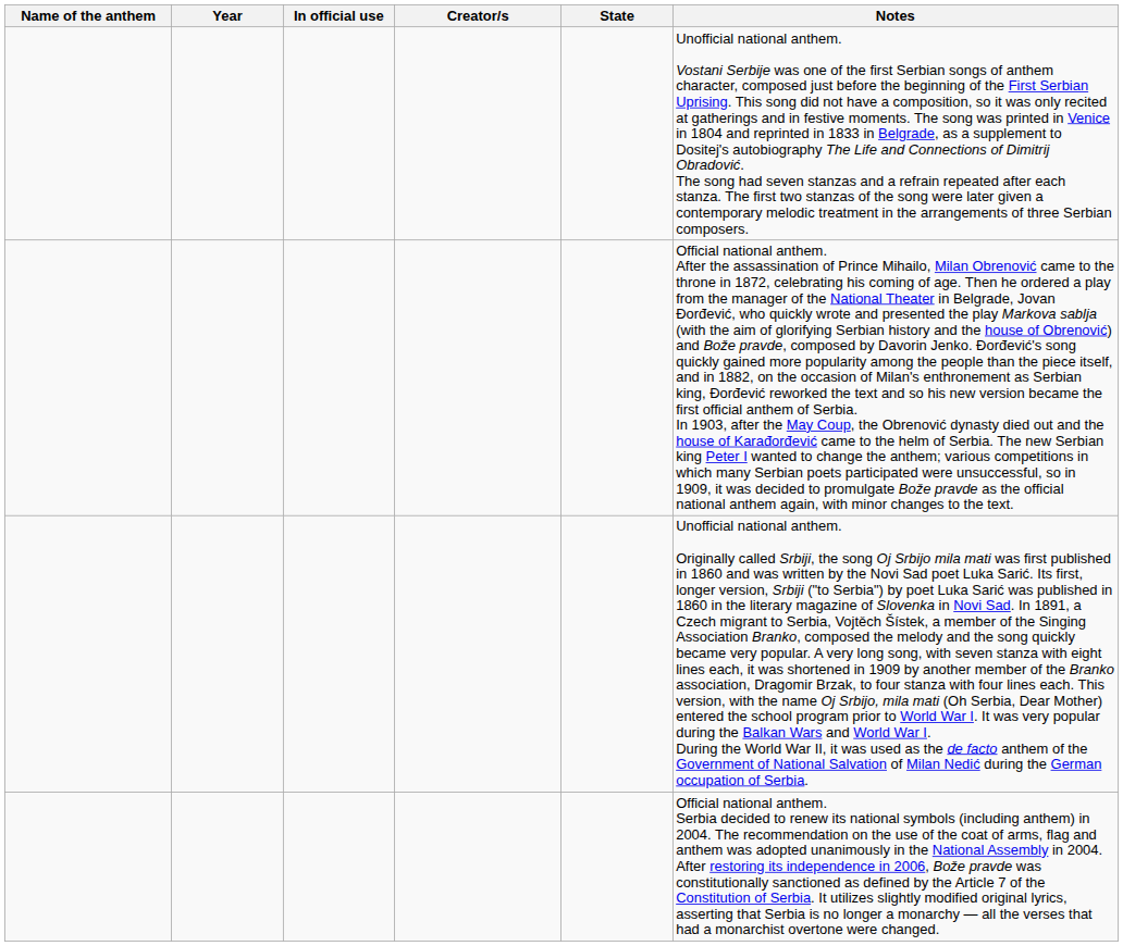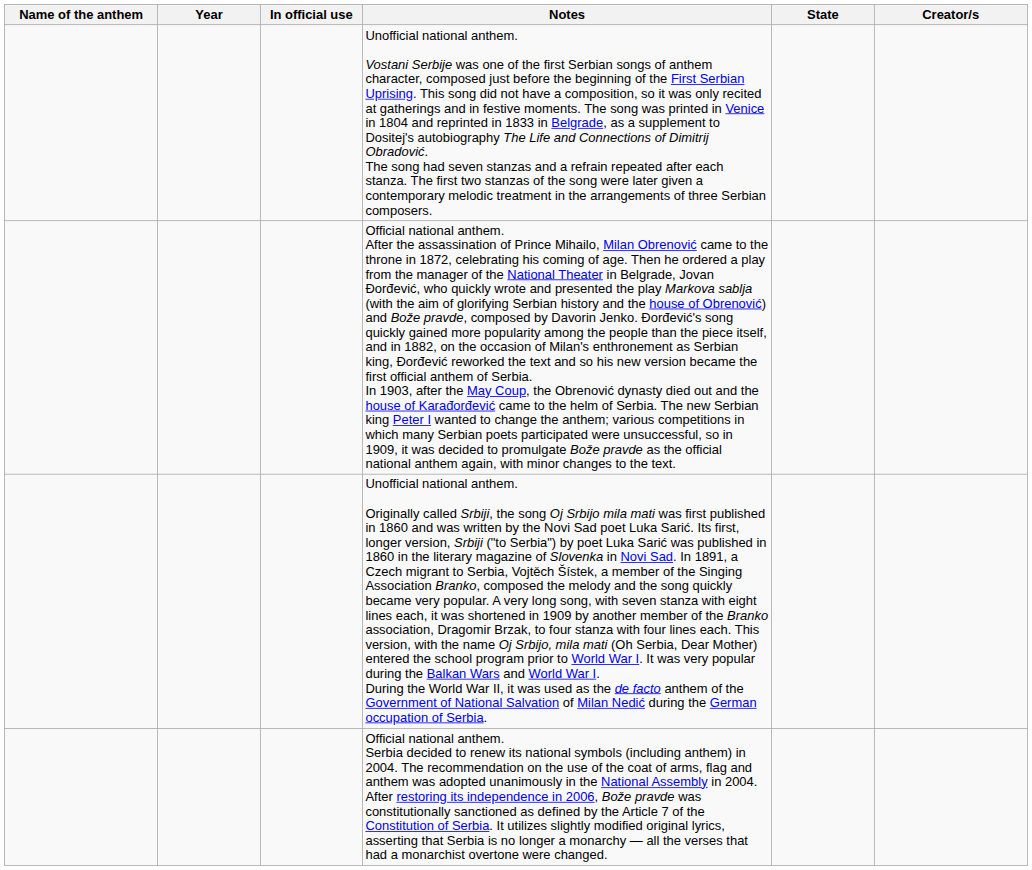 <table class="wikitable" style="margin:1em auto;">
 <tr>
 <th width="15%">Name of the anthem</th>
 <th width="10%">Year</th>
 <th width="10%">In official use</th>
+<th>Notes</th>
+<th width="10%">State</th>
 <th width="15%">Creator/s</th>
-<th width="10%">State</th>
-<th>Notes</th>
 </tr>
 <tr>
 <td></td>
 <td></td>
 <td></td>
+<td>Unofficial national anthem.<br><br><em>Vostani Serbije</em> was one of the first Serbian songs of anthem character, composed just before the beginning of the <a href='#'>First Serbian Uprising</a>. This song did not have a composition, so it was only recited at gatherings and in festive moments. The song was printed in <a href='#'>Venice</a> in 1804 and reprinted in 1833 in <a href='#'>Belgrade</a>, as a supplement to Dositej's autobiography <em>The Life and Connections of Dimitrij Obradović</em>.<br>The song had seven stanzas and a refrain repeated after each stanza. The first two stanzas of the song were later given a contemporary melodic treatment in the arrangements of three Serbian composers.</td>
 <td></td>
 <td></td>
-<td>Unofficial national anthem.<br><br><em>Vostani Serbije</em> was one of the first Serbian songs of anthem character, composed just before the beginning of the <a href='#'>First Serbian Uprising</a>. This song did not have a composition, so it was only recited at gatherings and in festive moments. The song was printed in <a href='#'>Venice</a> in 1804 and reprinted in 1833 in <a href='#'>Belgrade</a>, as a supplement to Dositej's autobiography <em>The Life and Connections of Dimitrij Obradović</em>.<br>The song had seven stanzas and a refrain repeated after each stanza. The first two stanzas of the song were later given a contemporary melodic treatment in the arrangements of three Serbian composers.</td>
 </tr>
 <tr>
 <td></td>
 <td></td>
 <td></td>
+<td>Official national anthem. <br>After the assassination of Prince Mihailo, <a href='#'>Milan Obrenović</a> came to the throne in 1872, celebrating his coming of age. Then he ordered a play from the manager of the <a href='#'>National Theater</a> in Belgrade, Jovan Đorđević, who quickly wrote and presented the play <em>Markova sablja</em> (with the aim of glorifying Serbian history and the <a href='#'>house of Obrenović</a>) and <em>Bože pravde</em>, composed by Davorin Jenko. Đorđević's song quickly gained more popularity among the people than the piece itself, and in 1882, on the occasion of Milan's enthronement as Serbian king, Đorđević reworked the text and so his new version became the first official anthem of Serbia.<br>In 1903, after the <a href='#'>May Coup</a>, the Obrenović dynasty died out and the <a href='#'>house of Karađorđević</a> came to the helm of Serbia. The new Serbian king <a href='#'>Peter I</a> wanted to change the anthem; various competitions in which many Serbian poets participated were  unsuccessful, so in 1909, it was decided to promulgate <em>Bože pravde</em> as the official national anthem again, with minor changes to the text.</td>
 <td></td>
 <td></td>
-<td>Official national anthem. <br>After the assassination of Prince Mihailo, <a href='#'>Milan Obrenović</a> came to the throne in 1872, celebrating his coming of age. Then he ordered a play from the manager of the <a href='#'>National Theater</a> in Belgrade, Jovan Đorđević, who quickly wrote and presented the play <em>Markova sablja</em> (with the aim of glorifying Serbian history and the <a href='#'>house of Obrenović</a>) and <em>Bože pravde</em>, composed by Davorin Jenko. Đorđević's song quickly gained more popularity among the people than the piece itself, and in 1882, on the occasion of Milan's enthronement as Serbian king, Đorđević reworked the text and so his new version became the first official anthem of Serbia.<br>In 1903, after the <a href='#'>May Coup</a>, the Obrenović dynasty died out and the <a href='#'>house of Karađorđević</a> came to the helm of Serbia. The new Serbian king <a href='#'>Peter I</a> wanted to change the anthem; various competitions in which many Serbian poets participated were  unsuccessful, so in 1909, it was decided to promulgate <em>Bože pravde</em> as the official national anthem again, with minor changes to the text.</td>
 </tr>
 <tr>
 <td></td>
 <td></td>
 <td></td>
+<td>Unofficial national anthem.<br><br>Originally called <em>Srbiji</em>, the song <em>Oj Srbijo mila mati</em> was first published in 1860 and was written by the Novi Sad poet Luka Sarić. Its first, longer version, <em>Srbiji</em> ("to Serbia") by poet Luka Sarić was published in 1860 in the literary magazine of <em>Slovenka</em> in <a href='#'>Novi Sad</a>. In 1891, a Czech migrant to Serbia, Vojtěch Šístek, a member of the Singing Association <em>Branko</em>, composed the melody and the song quickly became very popular. A very long song, with seven stanza with eight lines each, it was shortened in 1909 by another member of the <em>Branko</em> association, Dragomir Brzak, to four stanza with four lines each. This version, with the name <em>Oj Srbijo, mila mati</em> (Oh Serbia, Dear Mother) entered the school program prior to <a href='#'>World War I</a>. It was very popular during the <a href='#'>Balkan Wars</a> and <a href='#'>World War I</a>.<br>During the World War II, it was used as the <em><a href='#'>de facto</a></em> anthem of the <a href='#'>Government of National Salvation</a> of <a href='#'>Milan Nedić</a> during the <a href='#'>German occupation of Serbia</a>.</td>
 <td></td>
 <td></td>
-<td>Unofficial national anthem.<br><br>Originally called <em>Srbiji</em>, the song <em>Oj Srbijo mila mati</em> was first published in 1860 and was written by the Novi Sad poet Luka Sarić. Its first, longer version, <em>Srbiji</em> ("to Serbia") by poet Luka Sarić was published in 1860 in the literary magazine of <em>Slovenka</em> in <a href='#'>Novi Sad</a>. In 1891, a Czech migrant to Serbia, Vojtěch Šístek, a member of the Singing Association <em>Branko</em>, composed the melody and the song quickly became very popular. A very long song, with seven stanza with eight lines each, it was shortened in 1909 by another member of the <em>Branko</em> association, Dragomir Brzak, to four stanza with four lines each. This version, with the name <em>Oj Srbijo, mila mati</em> (Oh Serbia, Dear Mother) entered the school program prior to <a href='#'>World War I</a>. It was very popular during the <a href='#'>Balkan Wars</a> and <a href='#'>World War I</a>.<br>During the World War II, it was used as the <em><a href='#'>de facto</a></em> anthem of the <a href='#'>Government of National Salvation</a> of <a href='#'>Milan Nedić</a> during the <a href='#'>German occupation of Serbia</a>.</td>
 </tr>
 <tr>
 <td></td>
 <td></td>
 <td></td>
+<td>Official national anthem. <br>Serbia decided to renew its national symbols (including anthem) in 2004. The recommendation on the use of the coat of arms, flag and anthem was adopted unanimously in the <a href='#'>National Assembly</a> in 2004. After <a href='#'>restoring its independence in 2006</a>, <em>Bože pravde</em> was constitutionally sanctioned as defined by the Article 7 of the <a href='#'>Constitution of Serbia</a>. It utilizes slightly modified original lyrics, asserting that Serbia is no longer a monarchy — all the verses that had a monarchist overtone were changed.</td>
 <td></td>
 <td></td>
-<td>Official national anthem. <br>Serbia decided to renew its national symbols (including anthem) in 2004. The recommendation on the use of the coat of arms, flag and anthem was adopted unanimously in the <a href='#'>National Assembly</a> in 2004. After <a href='#'>restoring its independence in 2006</a>, <em>Bože pravde</em> was constitutionally sanctioned as defined by the Article 7 of the <a href='#'>Constitution of Serbia</a>. It utilizes slightly modified original lyrics, asserting that Serbia is no longer a monarchy — all the verses that had a monarchist overtone were changed.</td>
 </tr>
 </table>
